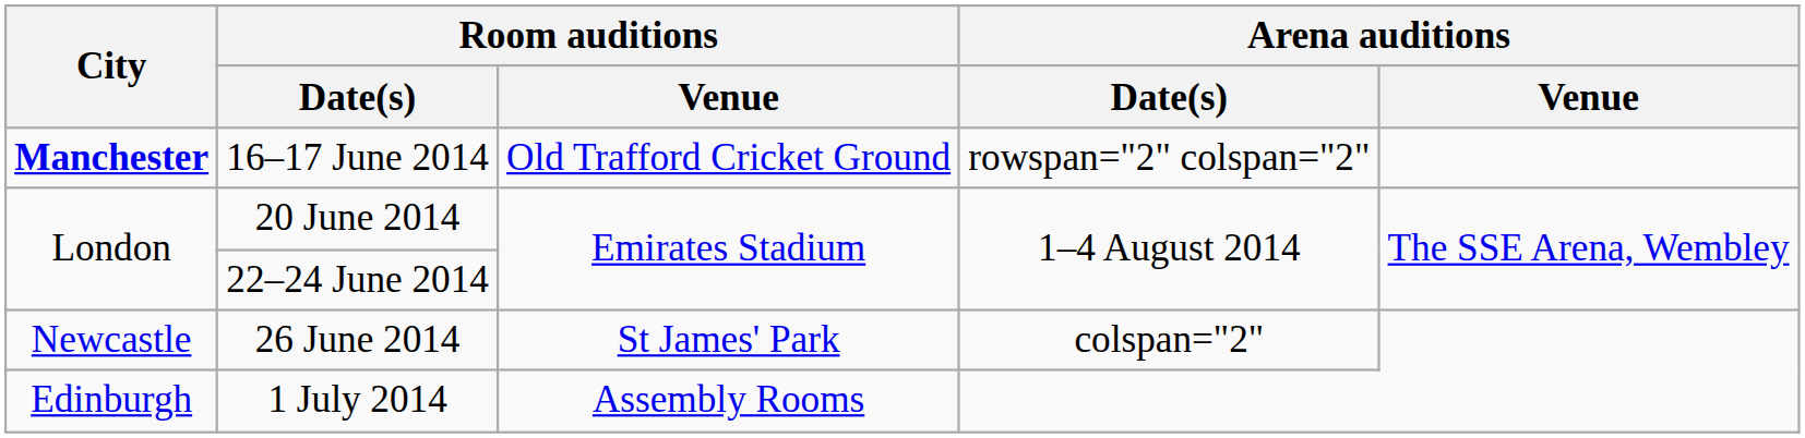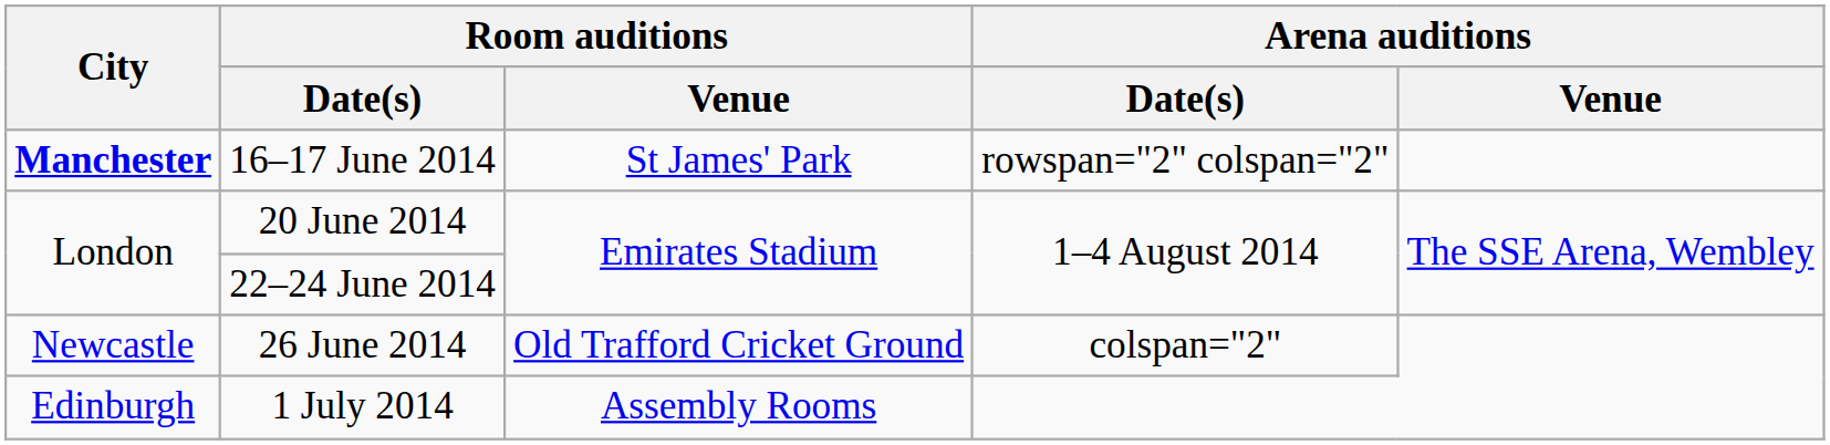 <table class="wikitable sortable plainrowheaders" style="text-align:center">
 <tr>
 <th rowspan="2" scope="col">City</th>
 <th colspan="2">Room auditions</th>
 <th colspan="2">Arena auditions</th>
 </tr>
 <tr>
 <th scope="col">Date(s)</th>
 <th scope="col">Venue</th>
 <th scope="col">Date(s)</th>
 <th scope="col">Venue</th>
 </tr>
 <tr>
 <td><strong><a href='#'>Manchester</a></strong></td>
 <td>16–17 June 2014</td>
-<td><a href='#'>Old Trafford Cricket Ground</a></td>
+<td><a href='#'>St James' Park</a></td>
 <td>rowspan="2" colspan="2" </td>
 </tr>
 <tr>
 <td rowspan="2">London</td>
 <td>20 June 2014</td>
 <td rowspan="2"><a href='#'>Emirates Stadium</a></td>
 <td rowspan="2">1–4 August 2014</td>
 <td rowspan="2"><a href='#'>The SSE Arena, Wembley</a></td>
 </tr>
 <tr>
 <td>22–24 June 2014</td>
 </tr>
 <tr>
 <td><a href='#'>Newcastle</a></td>
 <td>26 June 2014</td>
-<td><a href='#'>St James' Park</a></td>
+<td><a href='#'>Old Trafford Cricket Ground</a></td>
 <td>colspan="2" </td>
 </tr>
 <tr>
 <td><a href='#'>Edinburgh</a></td>
 <td>1 July 2014</td>
 <td><a href='#'>Assembly Rooms</a></td>
 </tr>
 </table>
